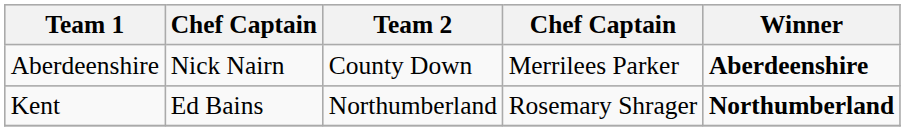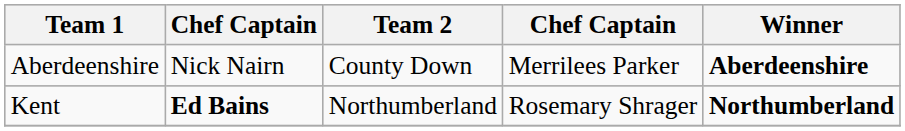 <table class="wikitable" border="1">
 <tr>
 <th>Team 1</th>
 <th>Chef Captain</th>
 <th>Team 2</th>
 <th>Chef Captain</th>
 <th>Winner</th>
 </tr>
 <tr>
 <td>Aberdeenshire</td>
 <td>Nick Nairn</td>
 <td>County Down</td>
 <td>Merrilees Parker</td>
 <td><strong>Aberdeenshire</strong></td>
 </tr>
 <tr>
 <td>Kent</td>
-<td>Ed Bains</td>
+<td><strong>Ed Bains</strong></td>
 <td>Northumberland</td>
 <td>Rosemary Shrager</td>
 <td><strong>Northumberland</strong></td>
 </tr>
 <tr>
 </tr>
 </table>
